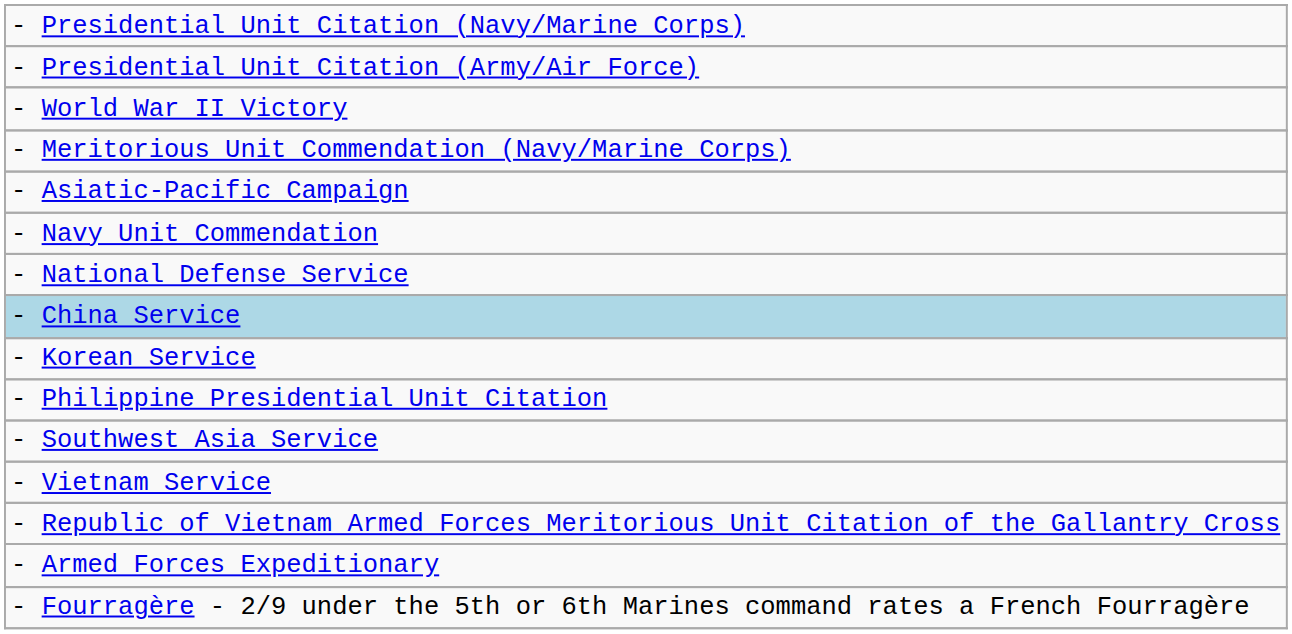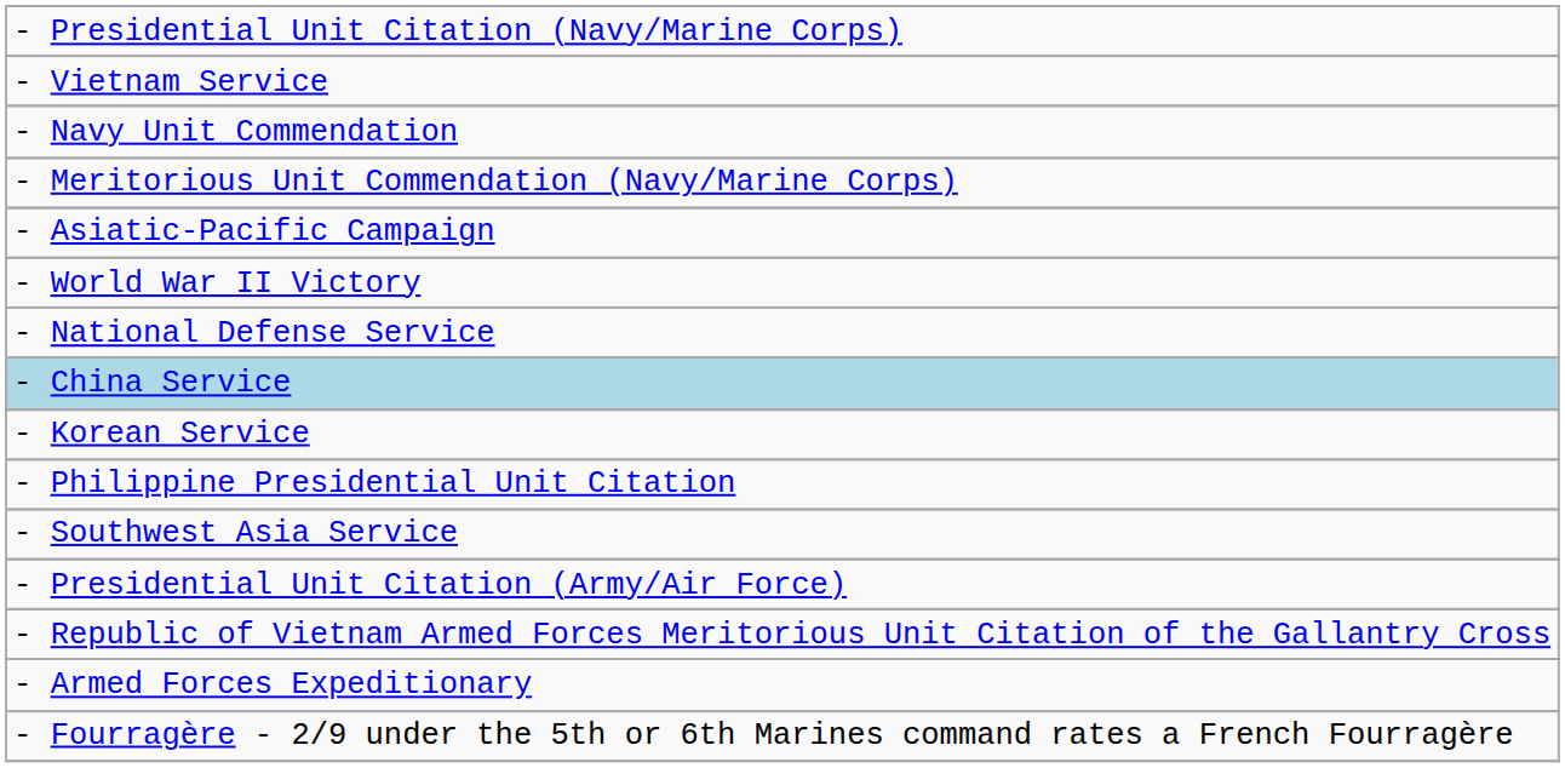 <table class="wikitable" style="text-align:center; clear: center">
 <tr>
 </tr>
 <tr align=left>
 <td> - <a href='#'>Presidential Unit Citation (Navy/Marine Corps)</a></td>
 </tr>
 <tr>
 </tr>
 <tr align=left>
-<td> - <a href='#'>Presidential Unit Citation (Army/Air Force)</a></td>
+<td> - <a href='#'>Vietnam Service</a></td>
 </tr>
 <tr>
 </tr>
 <tr align=left>
-<td> - <a href='#'>World War II Victory</a></td>
+<td> - <a href='#'>Navy Unit Commendation</a></td>
 </tr>
 <tr>
 </tr>
 <tr align=left>
 <td> - <a href='#'>Meritorious Unit Commendation (Navy/Marine Corps)</a></td>
 </tr>
 <tr>
 </tr>
 <tr align=left>
 <td> - <a href='#'>Asiatic-Pacific Campaign</a></td>
 </tr>
 <tr>
 </tr>
 <tr align=left>
-<td> - <a href='#'>Navy Unit Commendation</a></td>
+<td> - <a href='#'>World War II Victory</a></td>
 </tr>
 <tr>
 </tr>
 <tr align=left>
 <td> - <a href='#'>National Defense Service</a></td>
 </tr>
 <tr>
 </tr>
 <tr align=left>
 <td style="background: lightblue;"> - <a href='#'>China Service</a></td>
 </tr>
 <tr>
 </tr>
 <tr align=left>
 <td> - <a href='#'>Korean Service</a></td>
 </tr>
 <tr>
 </tr>
 <tr align=left>
 <td> - <a href='#'>Philippine Presidential Unit Citation</a></td>
 </tr>
 <tr>
 </tr>
 <tr align=left>
 <td> - <a href='#'>Southwest Asia Service</a></td>
 </tr>
 <tr>
 </tr>
 <tr align=left>
-<td> - <a href='#'>Vietnam Service</a></td>
+<td> - <a href='#'>Presidential Unit Citation (Army/Air Force)</a></td>
 </tr>
 <tr>
 </tr>
 <tr align=left>
 <td> - <a href='#'>Republic of Vietnam Armed Forces Meritorious Unit Citation of the Gallantry Cross</a></td>
 </tr>
 <tr>
 </tr>
 <tr align=left>
 <td> - <a href='#'>Armed Forces Expeditionary</a></td>
 </tr>
 <tr>
 </tr>
 <tr align=left>
 <td> - <a href='#'>Fourragère</a> - 2/9 under the 5th or 6th Marines command rates a French Fourragère</td>
 </tr>
 <tr>
 </tr>
 </table>
